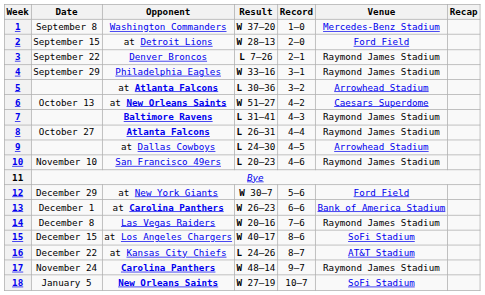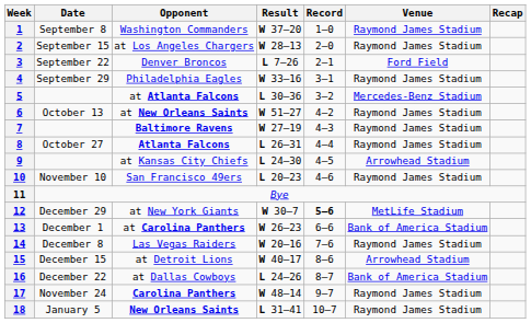 <table class="wikitable" style="text-align:center">
 <tr>
 <th>Week</th>
 <th>Date</th>
 <th>Opponent</th>
 <th>Result</th>
 <th>Record</th>
 <th>Venue</th>
 <th>Recap</th>
 </tr>
 <tr>
 <th><a href='#'>1</a></th>
 <td>September 8</td>
 <td><a href='#'>Washington Commanders</a></td>
 <td><strong>W</strong> 37–20</td>
 <td>1–0</td>
-<td><a href='#'>Mercedes-Benz Stadium</a></td>
+<td><a href='#'>Raymond James Stadium</a></td>
 <td></td>
 </tr>
 <tr>
 <th><a href='#'>2</a></th>
 <td>September 15</td>
-<td>at <a href='#'>Detroit Lions</a></td>
+<td>at <a href='#'>Los Angeles Chargers</a></td>
 <td><strong>W</strong> 28–13</td>
 <td>2–0</td>
-<td><a href='#'>Ford Field</a></td>
+<td>Raymond James Stadium</td>
 <td></td>
 </tr>
 <tr>
 <th><a href='#'>3</a></th>
 <td>September 22</td>
 <td><a href='#'>Denver Broncos</a></td>
 <td><strong>L</strong> 7–26</td>
 <td>2–1</td>
-<td>Raymond James Stadium</td>
+<td><a href='#'>Ford Field</a></td>
 <td></td>
 </tr>
 <tr>
 <th><a href='#'>4</a></th>
 <td>September 29</td>
 <td><a href='#'>Philadelphia Eagles</a></td>
 <td><strong>W</strong> 33–16</td>
 <td>3–1</td>
 <td>Raymond James Stadium</td>
 <td></td>
 </tr>
 <tr>
 <th><a href='#'>5</a></th>
 <td></td>
 <td>at <strong><a href='#'>Atlanta Falcons</a></strong></td>
 <td><strong>L</strong> 30–36 </td>
 <td>3–2</td>
-<td><a href='#'>Arrowhead Stadium</a></td>
+<td><a href='#'>Mercedes-Benz Stadium</a></td>
 <td></td>
 </tr>
 <tr>
 <th><a href='#'>6</a></th>
 <td>October 13</td>
 <td>at <strong><a href='#'>New Orleans Saints</a></strong></td>
 <td><strong>W</strong> 51–27</td>
 <td>4–2</td>
-<td><a href='#'>Caesars Superdome</a></td>
+<td>Raymond James Stadium</td>
 <td></td>
 </tr>
 <tr>
 <th><a href='#'>7</a></th>
 <td></td>
 <td><strong><a href='#'>Baltimore Ravens</a></strong></td>
-<td><strong>L</strong> 31–41</td>
+<td><strong>W</strong> 27–19</td>
 <td>4–3</td>
 <td>Raymond James Stadium</td>
 <td></td>
 </tr>
 <tr>
 <th><a href='#'>8</a></th>
 <td>October 27</td>
 <td><strong><a href='#'>Atlanta Falcons</a></strong></td>
 <td><strong>L</strong> 26–31</td>
 <td>4–4</td>
 <td>Raymond James Stadium</td>
 <td></td>
 </tr>
 <tr>
 <th><a href='#'>9</a></th>
 <td></td>
-<td>at <a href='#'>Dallas Cowboys</a></td>
+<td>at <a href='#'>Kansas City Chiefs</a></td>
 <td><strong>L</strong> 24–30 </td>
 <td>4–5</td>
 <td><a href='#'>Arrowhead Stadium</a></td>
 <td></td>
 </tr>
 <tr>
 <th><a href='#'>10</a></th>
 <td>November 10</td>
 <td><a href='#'>San Francisco 49ers</a></td>
 <td><strong>L</strong> 20–23</td>
 <td>4–6</td>
 <td>Raymond James Stadium</td>
 <td></td>
 </tr>
 <tr>
 <th>11</th>
 <td colspan="6"><em><a href='#'>Bye</a></em></td>
 </tr>
 <tr>
 <th><a href='#'>12</a></th>
 <td>December 29</td>
 <td>at <a href='#'>New York Giants</a></td>
 <td><strong>W</strong> 30–7</td>
-<td>5–6</td>
-<td><a href='#'>Ford Field</a></td>
+<td><strong>5–6</strong></td>
+<td><a href='#'>MetLife Stadium</a></td>
 <td></td>
 </tr>
 <tr>
 <th><a href='#'>13</a></th>
 <td>December 1</td>
 <td>at <strong><a href='#'>Carolina Panthers</a></strong></td>
 <td><strong>W</strong> 26–23 </td>
 <td>6–6</td>
 <td><a href='#'>Bank of America Stadium</a></td>
 <td></td>
 </tr>
 <tr>
 <th><a href='#'>14</a></th>
 <td>December 8</td>
 <td><a href='#'>Las Vegas Raiders</a></td>
 <td><strong>W</strong> 20–16</td>
 <td>7–6</td>
 <td>Raymond James Stadium</td>
 <td></td>
 </tr>
 <tr>
 <th><a href='#'>15</a></th>
 <td>December 15</td>
-<td>at <a href='#'>Los Angeles Chargers</a></td>
+<td>at <a href='#'>Detroit Lions</a></td>
 <td><strong>W</strong> 40–17</td>
 <td>8–6</td>
-<td><a href='#'>SoFi Stadium</a></td>
+<td><a href='#'>Arrowhead Stadium</a></td>
 <td></td>
 </tr>
 <tr>
 <th><a href='#'>16</a></th>
 <td>December 22</td>
-<td>at <a href='#'>Kansas City Chiefs</a></td>
+<td>at <a href='#'>Dallas Cowboys</a></td>
 <td><strong>L</strong> 24–26</td>
 <td>8–7</td>
-<td><a href='#'>AT&T Stadium</a></td>
+<td><a href='#'>Bank of America Stadium</a></td>
 <td></td>
 </tr>
 <tr>
 <th><a href='#'>17</a></th>
 <td>November 24</td>
 <td><strong><a href='#'>Carolina Panthers</a></strong></td>
 <td><strong>W</strong> 48–14</td>
 <td>9–7</td>
 <td>Raymond James Stadium</td>
 <td></td>
 </tr>
 <tr>
 <th><a href='#'>18</a></th>
 <td>January 5</td>
 <td><strong><a href='#'>New Orleans Saints</a></strong></td>
-<td><strong>W</strong> 27–19</td>
+<td><strong>L</strong> 31–41</td>
 <td>10–7</td>
-<td><a href='#'>SoFi Stadium</a></td>
+<td>Raymond James Stadium</td>
 <td></td>
 </tr>
 </table>
